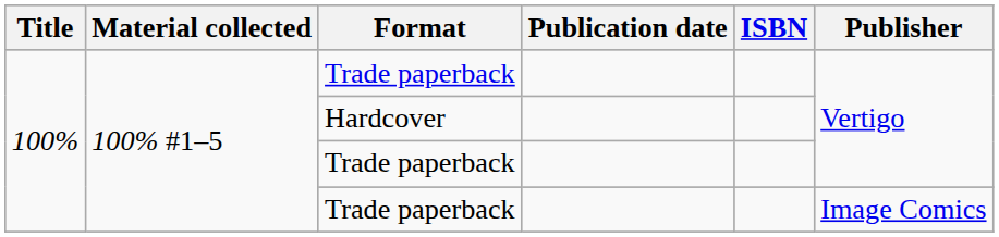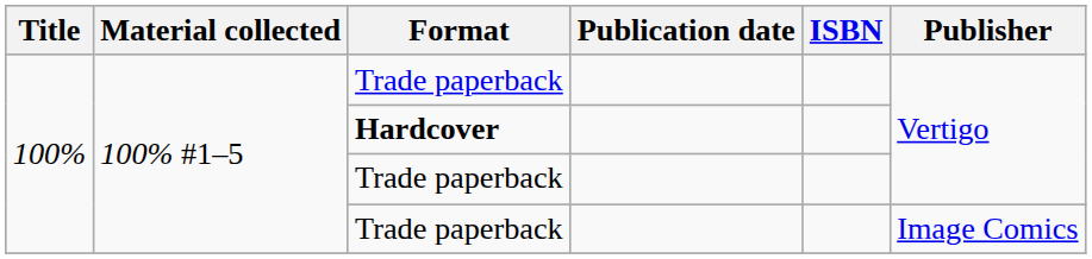 <table class="wikitable">
 <tr>
 <th>Title</th>
 <th>Material collected</th>
 <th>Format</th>
 <th>Publication date</th>
 <th><a href='#'>ISBN</a></th>
 <th>Publisher</th>
 </tr>
 <tr>
 <td rowspan="4"><em>100%</em></td>
 <td rowspan="4"><em>100%</em> #1–5</td>
 <td><a href='#'>Trade paperback</a></td>
 <td></td>
 <td></td>
 <td rowspan="3"><a href='#'>Vertigo</a></td>
 </tr>
 <tr>
-<td>Hardcover</td>
+<td><strong>Hardcover</strong></td>
 <td></td>
 <td></td>
 </tr>
 <tr>
 <td>Trade paperback</td>
 <td></td>
 <td></td>
 </tr>
 <tr>
 <td>Trade paperback</td>
 <td></td>
 <td></td>
 <td><a href='#'>Image Comics</a></td>
 </tr>
 </table>
